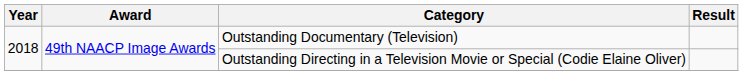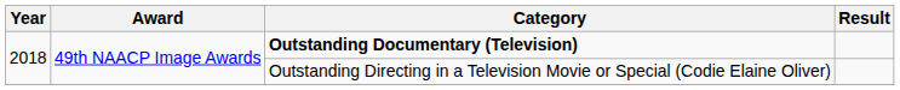 <table class="wikitable">
 <tr>
 <th>Year</th>
 <th>Award</th>
 <th>Category</th>
 <th>Result</th>
 </tr>
 <tr>
 <td style="text-align:center;" rowspan="2">2018</td>
 <td rowspan=2><a href='#'>49th NAACP Image Awards</a></td>
-<td>Outstanding Documentary (Television)</td>
+<td><strong>Outstanding Documentary (Television)</strong></td>
 <td> </td>
 </tr>
 <tr>
 <td>Outstanding Directing in a Television Movie or Special (Codie Elaine Oliver)</td>
 <td></td>
 </tr>
 <tr>
 </tr>
 </table>
